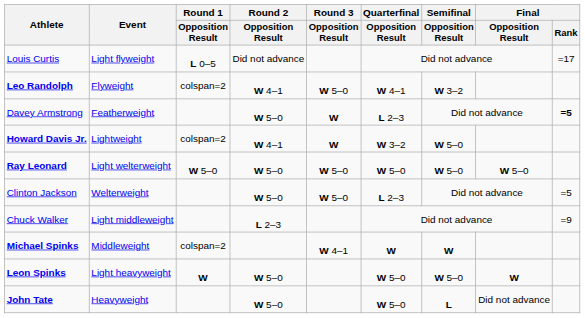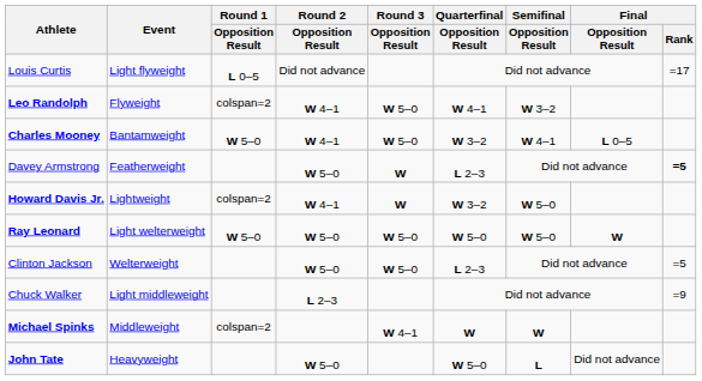 <table class=wikitable style=font-size:90%;text-align:center>
 <tr>
 <th rowspan=2>Athlete</th>
 <th rowspan=2>Event</th>
 <th>Round 1</th>
 <th>Round 2</th>
 <th>Round 3</th>
 <th>Quarterfinal</th>
 <th>Semifinal</th>
 <th colspan=2>Final</th>
 </tr>
 <tr style=font-size:95%>
 <th>Opposition<br>Result</th>
 <th>Opposition<br>Result</th>
 <th>Opposition<br>Result</th>
 <th>Opposition<br>Result</th>
 <th>Opposition<br>Result</th>
 <th>Opposition<br>Result</th>
 <th>Rank</th>
 </tr>
 <tr>
 <td align=left><a href='#'>Louis Curtis</a></td>
 <td align=left><a href='#'>Light flyweight</a></td>
 <td><br><strong>L</strong> 0–5</td>
 <td>Did not advance</td>
 <td></td>
 <td colspan=3>Did not advance</td>
 <td>=17</td>
 </tr>
 <tr>
 <td align=left><strong><a href='#'>Leo Randolph</a></strong></td>
 <td align=left><a href='#'>Flyweight</a></td>
 <td>colspan=2 </td>
 <td><br><strong>W</strong> 4–1</td>
 <td><br><strong>W</strong> 5–0</td>
 <td><br><strong>W</strong> 4–1</td>
 <td><br><strong>W</strong> 3–2</td>
 <td></td>
 </tr>
 <tr>
+<td align=left><strong><a href='#'>Charles Mooney</a></strong></td>
+<td align=left><a href='#'>Bantamweight</a></td>
+<td><br><strong>W</strong> 5–0</td>
+<td><br><strong>W</strong> 4–1</td>
+<td><br><strong>W</strong> 5–0</td>
+<td><br><strong>W</strong> 3–2</td>
+<td><br><strong>W</strong> 4–1</td>
+<td><br><strong>L</strong> 0–5</td>
+<td></td>
+</tr>
+<tr>
 <td align=left><a href='#'>Davey Armstrong</a></td>
 <td align=left><a href='#'>Featherweight</a></td>
 <td></td>
 <td><br><strong>W</strong> 5–0</td>
 <td><br><strong>W</strong> </td>
 <td><br><strong>L</strong> 2–3</td>
 <td colspan=2>Did not advance</td>
 <td><strong>=5</strong></td>
 </tr>
 <tr>
 <td align=left><strong><a href='#'>Howard Davis Jr.</a></strong></td>
 <td align=left><a href='#'>Lightweight</a></td>
 <td>colspan=2 </td>
 <td><br><strong>W</strong> 4–1</td>
 <td><br><strong>W</strong> </td>
 <td><br><strong>W</strong> 3–2</td>
 <td><br><strong>W</strong> 5–0</td>
 <td></td>
 </tr>
 <tr>
 <td align=left><strong><a href='#'>Ray Leonard</a></strong></td>
 <td align=left><a href='#'>Light welterweight</a></td>
 <td><br><strong>W</strong> 5–0</td>
 <td><br><strong>W</strong> 5–0</td>
 <td><br><strong>W</strong> 5–0</td>
 <td><br><strong>W</strong> 5–0</td>
 <td><br><strong>W</strong> 5–0</td>
-<td><br><strong>W</strong> 5–0</td>
+<td><br><strong>W</strong> </td>
 <td></td>
 </tr>
 <tr>
 <td align=left><a href='#'>Clinton Jackson</a></td>
 <td align=left><a href='#'>Welterweight</a></td>
 <td></td>
 <td><br><strong>W</strong> 5–0</td>
 <td><br><strong>W</strong> 5–0</td>
 <td><br><strong>L</strong> 2–3</td>
 <td colspan=2>Did not advance</td>
 <td>=5</td>
 </tr>
 <tr>
 <td align=left><a href='#'>Chuck Walker</a></td>
 <td align=left><a href='#'>Light middleweight</a></td>
 <td></td>
 <td><br><strong>L</strong> 2–3</td>
 <td></td>
 <td colspan=3>Did not advance</td>
 <td>=9</td>
 </tr>
 <tr>
 <td align=left><strong><a href='#'>Michael Spinks</a></strong></td>
 <td align=left><a href='#'>Middleweight</a></td>
 <td>colspan=2 </td>
 <td></td>
 <td><br><strong>W</strong> 4–1</td>
 <td><br><strong>W</strong> </td>
 <td><br><strong>W</strong> </td>
 <td></td>
 </tr>
 <tr>
-<td align=left><strong><a href='#'>Leon Spinks</a></strong></td>
-<td align=left><a href='#'>Light heavyweight</a></td>
-<td><br><strong>W</strong> </td>
-<td><br><strong>W</strong> 5–0</td>
-<td></td>
-<td><br><strong>W</strong> 5–0</td>
-<td><br><strong>W</strong> 5–0</td>
-<td><br><strong>W</strong> </td>
-<td></td>
-</tr>
-<tr>
 <td align=left><strong><a href='#'>John Tate</a></strong></td>
 <td align=left><a href='#'>Heavyweight</a></td>
 <td></td>
 <td><br><strong>W</strong> 5–0</td>
 <td></td>
 <td><br><strong>W</strong> 5–0</td>
 <td><br><strong>L</strong> </td>
 <td>Did not advance</td>
 <td></td>
 </tr>
 </table>
